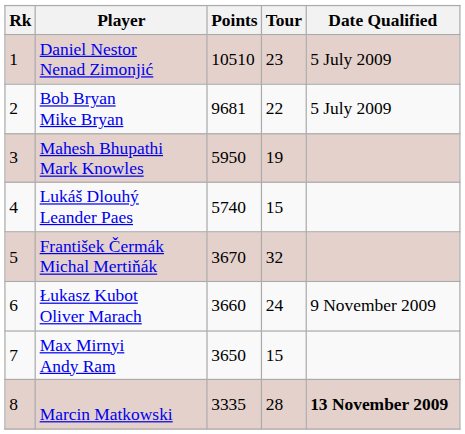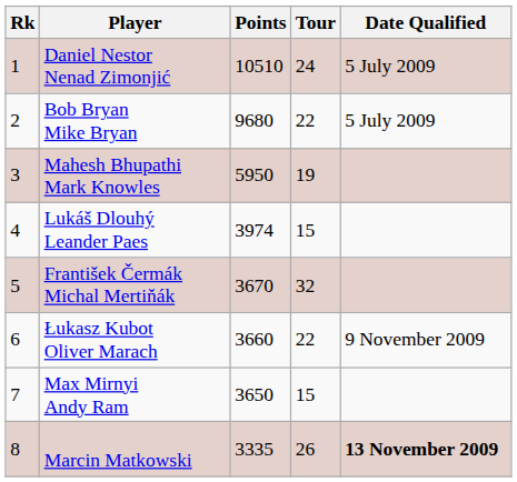 <table class=wikitable align=right style=font-size:90%;text:justify>
 <tr>
 <th>Rk</th>
 <th width=135>Player</th>
 <th>Points</th>
 <th width=20>Tour</th>
 <th width=120>Date Qualified</th>
 </tr>
 <tr bgcolor=#e5d1cb>
 <td>1</td>
 <td> <a href='#'>Daniel Nestor</a> <br> <a href='#'>Nenad Zimonjić</a></td>
 <td>10510</td>
-<td>23</td>
+<td>24</td>
 <td>5 July 2009</td>
 </tr>
 <tr>
 <td>2</td>
 <td> <a href='#'>Bob Bryan</a> <br> <a href='#'>Mike Bryan</a></td>
-<td>9681</td>
+<td>9680</td>
 <td>22</td>
 <td>5 July 2009</td>
 </tr>
 <tr bgcolor=#e5d1cb>
 <td>3</td>
 <td> <a href='#'>Mahesh Bhupathi</a> <br> <a href='#'>Mark Knowles</a></td>
 <td>5950</td>
 <td>19</td>
 <td></td>
 </tr>
 <tr>
 <td>4</td>
 <td> <a href='#'>Lukáš Dlouhý</a> <br> <a href='#'>Leander Paes</a></td>
-<td>5740</td>
+<td>3974</td>
 <td>15</td>
 <td></td>
 </tr>
 <tr bgcolor=#e5d1cb>
 <td>5</td>
 <td> <a href='#'>František Čermák</a> <br> <a href='#'>Michal Mertiňák</a></td>
 <td>3670</td>
 <td>32</td>
 <td></td>
 </tr>
 <tr>
 <td>6</td>
 <td> <a href='#'>Łukasz Kubot</a> <br> <a href='#'>Oliver Marach</a></td>
 <td>3660</td>
-<td>24</td>
+<td>22</td>
 <td>9 November 2009</td>
 </tr>
 <tr>
 <td>7</td>
 <td> <a href='#'>Max Mirnyi</a> <br> <a href='#'>Andy Ram</a></td>
 <td>3650</td>
 <td>15</td>
 <td></td>
 </tr>
 <tr bgcolor=#e5d1cb>
 <td>8</td>
 <td> <br> <a href='#'>Marcin Matkowski</a></td>
 <td>3335</td>
-<td>28</td>
+<td>26</td>
 <td><strong>13 November 2009</strong></td>
 </tr>
 </table>
